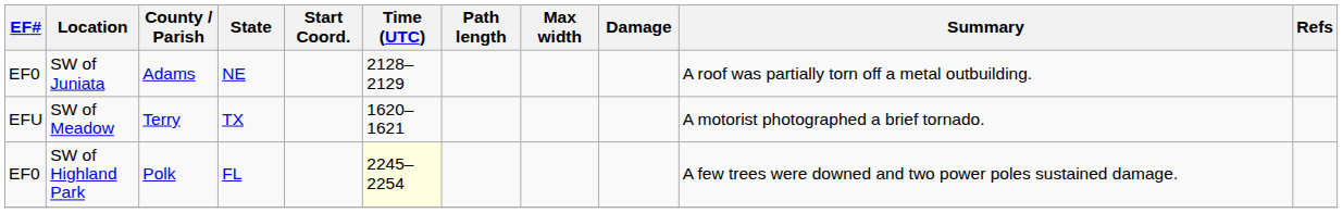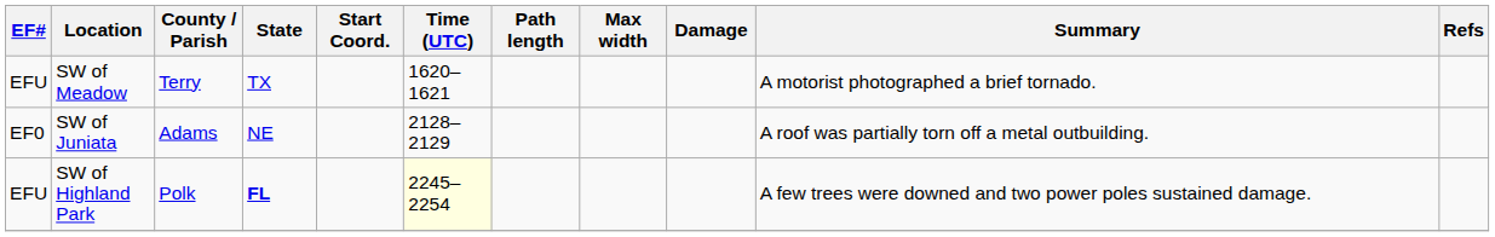 <table class="wikitable sortable" style="width:100%;">
 <tr>
 <th scope="col" width="3%" align="center"><a href='#'>EF#</a></th>
 <th scope="col" width="7%" align="center" class="unsortable">Location</th>
 <th scope="col" width="6%" align="center" class="unsortable">County / Parish</th>
 <th scope="col" width="5%" align="center">State</th>
 <th scope="col" width="6%" align="center">Start Coord.</th>
 <th scope="col" width="6%" align="center">Time (<a href='#'>UTC</a>)</th>
 <th scope="col" width="6%" align="center">Path length</th>
 <th scope="col" width="6%" align="center">Max width</th>
 <th scope="col" width="6%" align="center">Damage</th>
 <th scope="col" width="48%" class="unsortable" align="center">Summary</th>
 <th scope="col" width="48%" class="unsortable" align="center">Refs</th>
+</tr>
+<tr>
+<td>EFU</td>
+<td>SW of <a href='#'>Meadow</a></td>
+<td><a href='#'>Terry</a></td>
+<td><a href='#'>TX</a></td>
+<td></td>
+<td>1620–1621</td>
+<td></td>
+<td></td>
+<td></td>
+<td>A motorist photographed a brief tornado.</td>
+<td></td>
 </tr>
 <tr>
 <td>EF0</td>
 <td>SW of <a href='#'>Juniata</a></td>
 <td><a href='#'>Adams</a></td>
 <td><a href='#'>NE</a></td>
 <td></td>
 <td>2128–2129</td>
 <td></td>
 <td></td>
 <td></td>
 <td>A roof was partially torn off a metal outbuilding.</td>
 <td></td>
 </tr>
 <tr>
 <td>EFU</td>
-<td>SW of <a href='#'>Meadow</a></td>
-<td><a href='#'>Terry</a></td>
-<td><a href='#'>TX</a></td>
-<td></td>
-<td>1620–1621</td>
-<td></td>
-<td></td>
-<td></td>
-<td>A motorist photographed a brief tornado.</td>
-<td></td>
-</tr>
-<tr>
-<td>EF0</td>
 <td>SW of <a href='#'>Highland Park</a></td>
 <td><a href='#'>Polk</a></td>
-<td><a href='#'>FL</a></td>
+<td><strong><a href='#'>FL</a></strong></td>
 <td></td>
 <td style="background: lightyellow;">2245–2254</td>
 <td></td>
 <td></td>
 <td></td>
 <td>A few trees were downed and two power poles sustained damage.</td>
 <td></td>
 </tr>
 <tr>
 </tr>
 </table>
